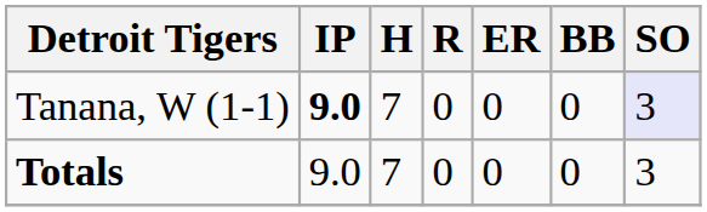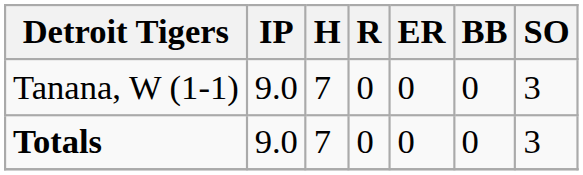 <table class="wikitable sortable">
 <tr>
 <th><strong>Detroit Tigers</strong></th>
 <th>IP</th>
 <th>H</th>
 <th>R</th>
 <th>ER</th>
 <th>BB</th>
 <th>SO</th>
 </tr>
 <tr>
 <td>Tanana, W (1-1)</td>
-<td><strong>9.0</strong></td>
+<td>9.0</td>
 <td>7</td>
 <td>0</td>
 <td>0</td>
 <td>0</td>
-<td style="background: lavender;">3</td>
+<td>3</td>
 </tr>
 <tr>
 <td><strong>Totals</strong></td>
 <td>9.0</td>
 <td>7</td>
 <td>0</td>
 <td>0</td>
 <td>0</td>
 <td>3</td>
 </tr>
 <tr>
 </tr>
 </table>
